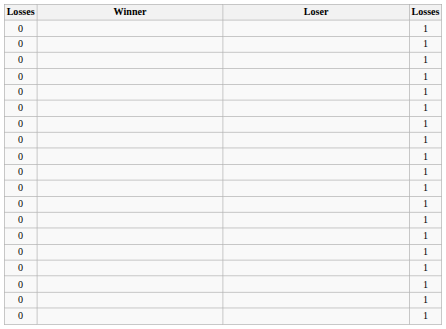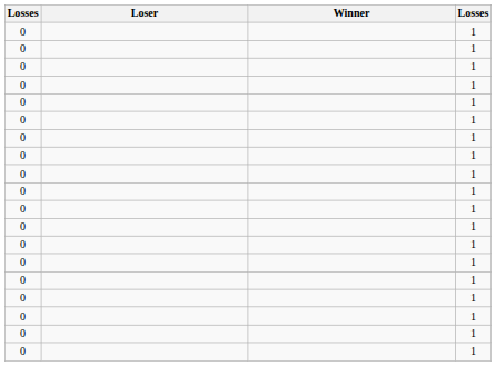 <table class=wikitable>
 <tr>
 <th style="width:0.5em">Losses</th>
+<th style="width:18em">Loser</th>
 <th style="width:18em">Winner</th>
-<th style="width:18em">Loser</th>
 <th style="width:0.5em">Losses</th>
 </tr>
 <tr>
 <td align=center>0</td>
 <td></td>
 <td></td>
 <td align=center>1</td>
 </tr>
 <tr>
 <td align=center>0</td>
 <td></td>
 <td></td>
 <td align=center>1</td>
 </tr>
 <tr>
 <td align=center>0</td>
 <td></td>
 <td></td>
 <td align=center>1</td>
 </tr>
 <tr>
 <td align=center>0</td>
 <td></td>
 <td></td>
 <td align=center>1</td>
 </tr>
 <tr>
 <td align=center>0</td>
 <td></td>
 <td></td>
 <td align=center>1</td>
 </tr>
 <tr>
 <td align=center>0</td>
 <td></td>
 <td></td>
 <td align=center>1</td>
 </tr>
 <tr>
 <td align=center>0</td>
 <td></td>
 <td></td>
 <td align=center>1</td>
 </tr>
 <tr>
 <td align=center>0</td>
 <td></td>
 <td></td>
 <td align=center>1</td>
 </tr>
 <tr>
 <td align=center>0</td>
 <td></td>
 <td></td>
 <td align=center>1</td>
 </tr>
 <tr>
 <td align=center>0</td>
 <td></td>
 <td></td>
 <td align=center>1</td>
 </tr>
 <tr>
 <td align=center>0</td>
 <td></td>
 <td></td>
 <td align=center>1</td>
 </tr>
 <tr>
 <td align=center>0</td>
 <td></td>
 <td></td>
 <td align=center>1</td>
 </tr>
 <tr>
 <td align=center>0</td>
 <td></td>
 <td></td>
 <td align=center>1</td>
 </tr>
 <tr>
 <td align=center>0</td>
 <td></td>
 <td></td>
 <td align=center>1</td>
 </tr>
 <tr>
 <td align=center>0</td>
 <td></td>
 <td></td>
 <td align=center>1</td>
 </tr>
 <tr>
 <td align=center>0</td>
 <td></td>
 <td></td>
 <td align=center>1</td>
 </tr>
 <tr>
 <td align=center>0</td>
 <td></td>
 <td></td>
 <td align=center>1</td>
 </tr>
 <tr>
 <td align=center>0</td>
 <td></td>
 <td></td>
 <td align=center>1</td>
 </tr>
 <tr>
 <td align=center>0</td>
 <td></td>
 <td></td>
 <td align=center>1</td>
 </tr>
 </table>
